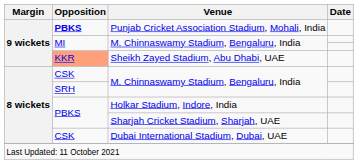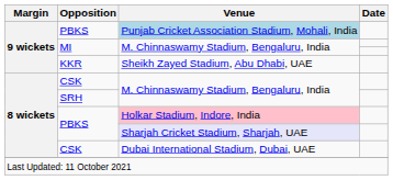 <table class="wikitable">
 <tr>
 <th>Margin</th>
 <th>Opposition</th>
 <th>Venue</th>
 <th>Date</th>
 </tr>
 <tr>
 <th rowspan=4>9 wickets</th>
-<td><strong><a href='#'>PBKS</a></strong></td>
-<td><a href='#'>Punjab Cricket Association Stadium</a>, <a href='#'>Mohali</a>, India</td>
+<td><a href='#'>PBKS</a></td>
+<td style="background: lightblue;"><a href='#'>Punjab Cricket Association Stadium</a>, <a href='#'>Mohali</a>, India</td>
 <td></td>
 </tr>
 <tr>
 <td rowspan=2><a href='#'>MI</a></td>
 <td rowspan=2><a href='#'>M. Chinnaswamy Stadium</a>, <a href='#'>Bengaluru</a>, India</td>
 <td></td>
 </tr>
 <tr>
 <td></td>
 </tr>
 <tr>
-<td style="background: lightsalmon;"><a href='#'>KKR</a></td>
+<td><a href='#'>KKR</a></td>
 <td><a href='#'>Sheikh Zayed Stadium</a>, <a href='#'>Abu Dhabi</a>, UAE</td>
 <td></td>
 </tr>
 <tr>
 <th rowspan=5>8 wickets</th>
 <td><a href='#'>CSK</a></td>
 <td rowspan=2><a href='#'>M. Chinnaswamy Stadium</a>, <a href='#'>Bengaluru</a>, India</td>
 <td></td>
 </tr>
 <tr>
 <td><a href='#'>SRH</a></td>
 <td></td>
 </tr>
 <tr>
 <td rowspan=2><a href='#'>PBKS</a></td>
-<td><a href='#'>Holkar Stadium</a>, <a href='#'>Indore</a>, India</td>
+<td style="background: pink;"><a href='#'>Holkar Stadium</a>, <a href='#'>Indore</a>, India</td>
 <td></td>
 </tr>
 <tr>
-<td><a href='#'>Sharjah Cricket Stadium</a>, <a href='#'>Sharjah</a>, UAE</td>
+<td style="background: lavender;"><a href='#'>Sharjah Cricket Stadium</a>, <a href='#'>Sharjah</a>, UAE</td>
 <td></td>
 </tr>
 <tr>
 <td><a href='#'>CSK</a></td>
 <td><a href='#'>Dubai International Stadium</a>, <a href='#'>Dubai</a>, UAE</td>
 <td></td>
 </tr>
 <tr>
 </tr>
 <tr class=sortbottom>
 <td colspan=5><small>Last Updated: 11 October 2021</small></td>
 </tr>
 </table>
